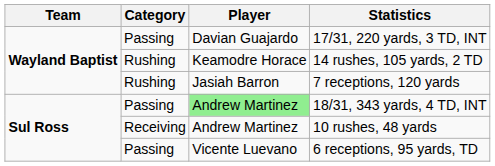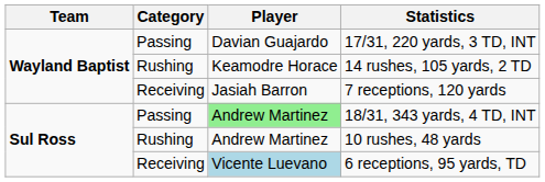 <table class="wikitable" style="float: right;">
 <tr>
 <th>Team</th>
 <th>Category</th>
 <th>Player</th>
 <th>Statistics</th>
 </tr>
 <tr>
 <td rowspan=3><strong>Wayland Baptist</strong></td>
 <td>Passing</td>
 <td>Davian Guajardo</td>
 <td>17/31, 220 yards, 3 TD, INT</td>
 </tr>
 <tr>
 <td>Rushing</td>
 <td>Keamodre Horace</td>
 <td>14 rushes, 105 yards, 2 TD</td>
 </tr>
 <tr>
-<td>Rushing</td>
+<td>Receiving</td>
 <td>Jasiah Barron</td>
 <td>7 receptions, 120 yards</td>
 </tr>
 <tr>
 <td rowspan=3><strong>Sul Ross</strong></td>
 <td>Passing</td>
 <td style="background: lightgreen;">Andrew Martinez</td>
 <td>18/31, 343 yards, 4 TD, INT</td>
 </tr>
 <tr>
-<td>Receiving</td>
+<td>Rushing</td>
 <td>Andrew Martinez</td>
 <td>10 rushes, 48 yards</td>
 </tr>
 <tr>
-<td>Passing</td>
-<td>Vicente Luevano</td>
+<td>Receiving</td>
+<td style="background: lightblue;">Vicente Luevano</td>
 <td>6 receptions, 95 yards, TD</td>
 </tr>
 </table>
